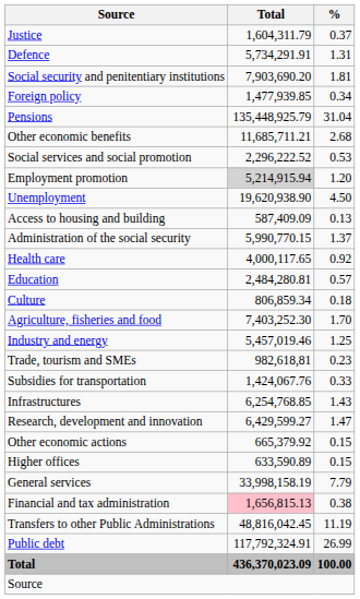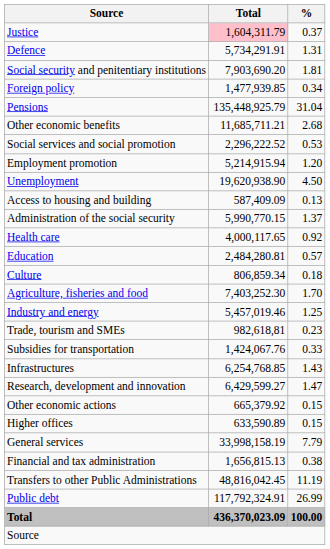 <table class="wikitable" style="text-align:right; font-size:97%;">
 <tr>
 <th>Source</th>
 <th width="100">Total</th>
 <th width="40">%</th>
 </tr>
 <tr>
 <td align="left"><a href='#'>Justice</a></td>
-<td>1,604,311.79</td>
+<td style="background: pink;">1,604,311.79</td>
 <td>0.37</td>
 </tr>
 <tr>
 <td align="left"><a href='#'>Defence</a></td>
 <td>5,734,291.91</td>
 <td>1.31</td>
 </tr>
 <tr>
 <td align="left"><a href='#'>Social security</a> and penitentiary institutions</td>
 <td>7,903,690.20</td>
 <td>1.81</td>
 </tr>
 <tr>
 <td align="left"><a href='#'>Foreign policy</a></td>
 <td>1,477,939.85</td>
 <td>0.34</td>
 </tr>
 <tr>
 <td align="left"><a href='#'>Pensions</a></td>
 <td>135,448,925.79</td>
 <td>31.04</td>
 </tr>
 <tr>
 <td align="left">Other economic benefits</td>
 <td>11,685,711.21</td>
 <td>2.68</td>
 </tr>
 <tr>
 <td align="left">Social services and social promotion</td>
 <td>2,296,222.52</td>
 <td>0.53</td>
 </tr>
 <tr>
 <td align="left">Employment promotion</td>
-<td style="background: lightgrey;">5,214,915.94</td>
+<td>5,214,915.94</td>
 <td>1.20</td>
 </tr>
 <tr>
 <td align="left"><a href='#'>Unemployment</a></td>
 <td>19,620,938.90</td>
 <td>4.50</td>
 </tr>
 <tr>
 <td align="left">Access to housing and building</td>
 <td>587,409.09</td>
 <td>0.13</td>
 </tr>
 <tr>
 <td align="left">Administration of the social security</td>
 <td>5,990,770.15</td>
 <td>1.37</td>
 </tr>
 <tr>
 <td align="left"><a href='#'>Health care</a></td>
 <td>4,000,117.65</td>
 <td>0.92</td>
 </tr>
 <tr>
 <td align="left"><a href='#'>Education</a></td>
 <td>2,484,280.81</td>
 <td>0.57</td>
 </tr>
 <tr>
 <td align="left"><a href='#'>Culture</a></td>
 <td>806,859.34</td>
 <td>0.18</td>
 </tr>
 <tr>
 <td align="left"><a href='#'>Agriculture, fisheries and food</a></td>
 <td>7,403,252.30</td>
 <td>1.70</td>
 </tr>
 <tr>
 <td align="left"><a href='#'>Industry and energy</a></td>
 <td>5,457,019.46</td>
 <td>1.25</td>
 </tr>
 <tr>
 <td align="left">Trade, tourism and SMEs</td>
 <td>982,618,81</td>
 <td>0.23</td>
 </tr>
 <tr>
 <td align="left">Subsidies for transportation</td>
 <td>1,424,067.76</td>
 <td>0.33</td>
 </tr>
 <tr>
 <td align="left">Infrastructures</td>
 <td>6,254,768.85</td>
 <td>1.43</td>
 </tr>
 <tr>
 <td align="left">Research, development and innovation</td>
 <td>6,429,599.27</td>
 <td>1.47</td>
 </tr>
 <tr>
 <td align="left">Other economic actions</td>
 <td>665,379.92</td>
 <td>0.15</td>
 </tr>
 <tr>
 <td align="left">Higher offices</td>
 <td>633,590.89</td>
 <td>0.15</td>
 </tr>
 <tr>
 <td align="left">General services</td>
 <td>33,998,158.19</td>
 <td>7.79</td>
 </tr>
 <tr>
 <td align="left">Financial and tax administration</td>
-<td style="background: pink;">1,656,815.13</td>
+<td>1,656,815.13</td>
 <td>0.38</td>
 </tr>
 <tr>
 <td align="left">Transfers to other Public Administrations</td>
 <td>48,816,042.45</td>
 <td>11.19</td>
 </tr>
 <tr>
 <td align="left"><a href='#'>Public debt</a></td>
 <td>117,792,324.91</td>
 <td>26.99</td>
 </tr>
 <tr style="background:#C0C0C0;">
 <td align="left"><strong>Total</strong></td>
 <td><strong>436,370,023.09</strong></td>
 <td><strong>100.00</strong></td>
 </tr>
 <tr>
 <td colspan="3" align="left">Source</td>
 </tr>
 </table>
